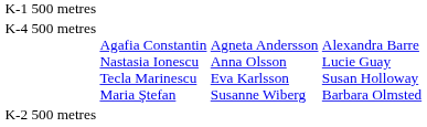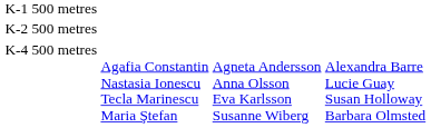 <table>
 <tr valign="top">
 <td>K-1 500 metres<br></td>
+<td></td>
+<td></td>
+<td></td>
+</tr>
+<tr valign="top">
+<td>K-2 500 metres<br></td>
 <td></td>
 <td></td>
 <td></td>
 </tr>
 <tr valign="top">
 <td>K-4 500 metres<br></td>
 <td><br><a href='#'>Agafia Constantin</a><br><a href='#'>Nastasia Ionescu</a><br><a href='#'>Tecla Marinescu</a><br><a href='#'>Maria Ştefan</a></td>
 <td><br><a href='#'>Agneta Andersson</a><br><a href='#'>Anna Olsson</a><br><a href='#'>Eva Karlsson</a><br><a href='#'>Susanne Wiberg</a></td>
 <td><br><a href='#'>Alexandra Barre</a><br><a href='#'>Lucie Guay</a><br><a href='#'>Susan Holloway</a><br><a href='#'>Barbara Olmsted</a></td>
 </tr>
-<tr valign="top">
-<td>K-2 500 metres<br></td>
-<td></td>
-<td></td>
-<td></td>
-</tr>
 </table>
